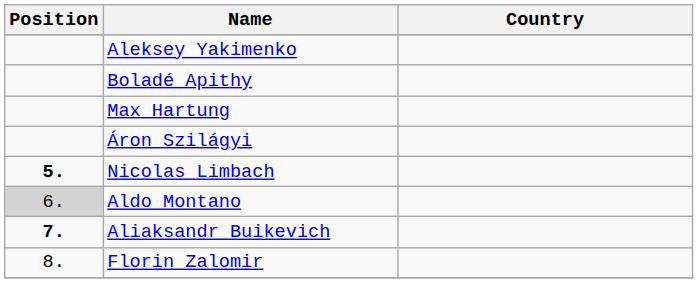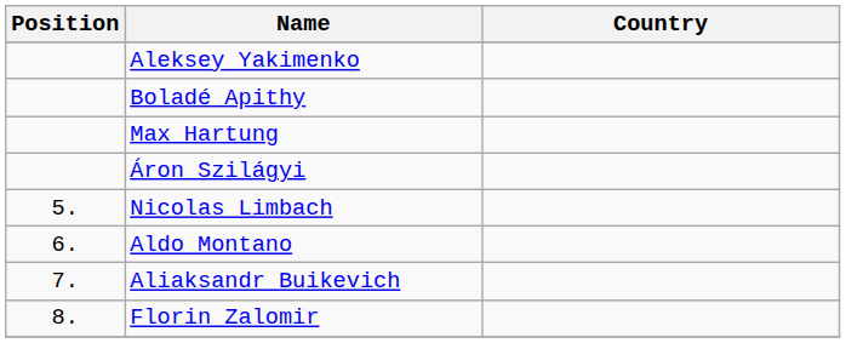 <table class="wikitable">
 <tr>
 <th width="20">Position</th>
 <th width="200">Name</th>
 <th width="200">Country</th>
 </tr>
 <tr>
 </tr>
 <tr>
 <td align="center"></td>
 <td><a href='#'>Aleksey Yakimenko</a></td>
 <td></td>
 </tr>
 <tr>
 <td align="center"></td>
 <td><a href='#'>Boladé Apithy</a></td>
 <td></td>
 </tr>
 <tr>
 <td align="center"></td>
 <td><a href='#'>Max Hartung</a></td>
 <td></td>
 </tr>
 <tr>
 <td align="center"></td>
 <td><a href='#'>Áron Szilágyi</a></td>
 <td></td>
 </tr>
 <tr>
-<td align="center"><strong>5.</strong></td>
+<td align="center">5.</td>
 <td><a href='#'>Nicolas Limbach</a></td>
 <td></td>
 </tr>
 <tr>
-<td align="center" style="background: lightgrey;">6.</td>
+<td align="center">6.</td>
 <td><a href='#'>Aldo Montano</a></td>
 <td></td>
 </tr>
 <tr>
-<td align="center"><strong>7.</strong></td>
+<td align="center">7.</td>
 <td><a href='#'>Aliaksandr Buikevich</a></td>
 <td></td>
 </tr>
 <tr>
 <td align="center">8.</td>
 <td><a href='#'>Florin Zalomir</a></td>
 <td></td>
 </tr>
 <tr>
 </tr>
 </table>
